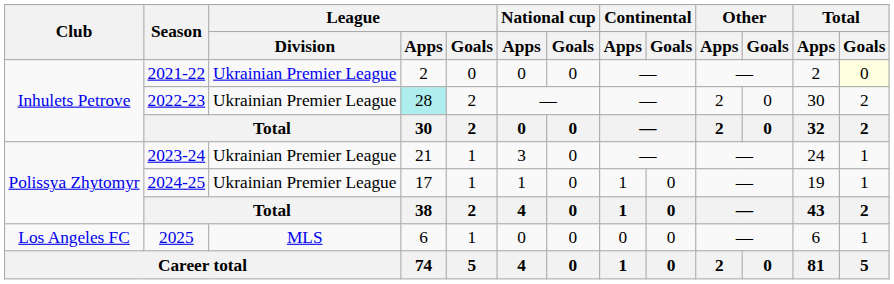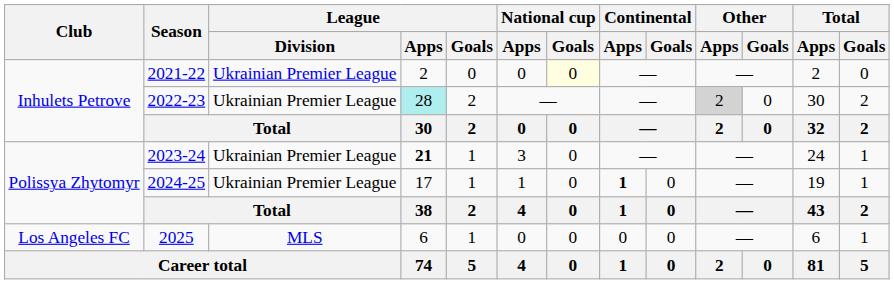 <table class="wikitable" style="text-align: center">
 <tr>
 <th rowspan="2">Club</th>
 <th rowspan="2">Season</th>
 <th colspan="3">League</th>
 <th colspan="2">National cup</th>
 <th colspan="2">Continental</th>
 <th colspan="2">Other</th>
 <th colspan="2">Total</th>
 </tr>
 <tr>
 <th>Division</th>
 <th>Apps</th>
 <th>Goals</th>
 <th>Apps</th>
 <th>Goals</th>
 <th>Apps</th>
 <th>Goals</th>
 <th>Apps</th>
 <th>Goals</th>
 <th>Apps</th>
 <th>Goals</th>
 </tr>
 <tr>
 <td rowspan="3"><a href='#'>Inhulets Petrove</a></td>
 <td><a href='#'>2021-22</a></td>
 <td><a href='#'>Ukrainian Premier League</a></td>
 <td>2</td>
 <td>0</td>
 <td>0</td>
-<td>0</td>
+<td style="background: lightyellow;">0</td>
 <td colspan="2">—</td>
 <td colspan="2">—</td>
 <td>2</td>
-<td style="background: lightyellow;">0</td>
+<td>0</td>
 </tr>
 <tr>
 <td><a href='#'>2022-23</a></td>
 <td>Ukrainian Premier League</td>
 <td style="background: paleturquoise;">28</td>
 <td>2</td>
 <td colspan="2">—</td>
 <td colspan="2">—</td>
-<td>2</td>
+<td style="background: lightgrey;">2</td>
 <td>0</td>
 <td>30</td>
 <td>2</td>
 </tr>
 <tr>
 <th colspan="2">Total</th>
 <th>30</th>
 <th>2</th>
 <th>0</th>
 <th>0</th>
 <th colspan="2">—</th>
 <th>2</th>
 <th>0</th>
 <th>32</th>
 <th>2</th>
 </tr>
 <tr>
 <td rowspan="3"><a href='#'>Polissya Zhytomyr</a></td>
 <td><a href='#'>2023-24</a></td>
 <td>Ukrainian Premier League</td>
-<td>21</td>
+<td><strong>21</strong></td>
 <td>1</td>
 <td>3</td>
 <td>0</td>
 <td colspan="2">—</td>
 <td colspan="2">—</td>
 <td>24</td>
 <td>1</td>
 </tr>
 <tr>
 <td><a href='#'>2024-25</a></td>
 <td>Ukrainian Premier League</td>
 <td>17</td>
 <td>1</td>
 <td>1</td>
 <td>0</td>
-<td>1</td>
+<td><strong>1</strong></td>
 <td>0</td>
 <td colspan="2">—</td>
 <td>19</td>
 <td>1</td>
 </tr>
 <tr>
 <th colspan="2">Total</th>
 <th>38</th>
 <th>2</th>
 <th>4</th>
 <th>0</th>
 <th>1</th>
 <th>0</th>
 <th colspan="2">—</th>
 <th>43</th>
 <th>2</th>
 </tr>
 <tr>
 <td><a href='#'>Los Angeles FC</a></td>
 <td><a href='#'>2025</a></td>
 <td><a href='#'>MLS</a></td>
 <td>6</td>
 <td>1</td>
 <td>0</td>
 <td>0</td>
 <td>0</td>
 <td>0</td>
 <td colspan="2">—</td>
 <td>6</td>
 <td>1</td>
 </tr>
 <tr>
 <th colspan="3">Career total</th>
 <th>74</th>
 <th>5</th>
 <th>4</th>
 <th>0</th>
 <th>1</th>
 <th>0</th>
 <th>2</th>
 <th>0</th>
 <th>81</th>
 <th>5</th>
 </tr>
 </table>
